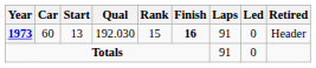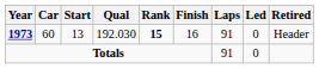 <table class="wikitable" style="text-align:center">
 <tr>
 <th>Year</th>
 <th>Car</th>
 <th>Start</th>
 <th>Qual</th>
 <th>Rank</th>
 <th>Finish</th>
 <th>Laps</th>
 <th>Led</th>
 <th>Retired</th>
 </tr>
 <tr>
 <th><a href='#'>1973</a></th>
 <td>60</td>
 <td>13</td>
 <td>192.030</td>
-<td>15</td>
-<td><strong>16</strong></td>
+<td><strong>15</strong></td>
+<td>16</td>
 <td>91</td>
 <td>0</td>
 <td>Header</td>
 </tr>
 <tr>
 <td colspan=6><strong>Totals</strong></td>
 <td>91</td>
 <td>0</td>
 <td></td>
 </tr>
 </table>
